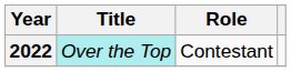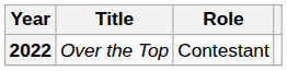 <table class="wikitable plainrowheaders">
 <tr>
 <th scope="col">Year</th>
 <th scope="col">Title</th>
 <th scope="col">Role</th>
 <th scope="col" class="unsortable"></th>
 </tr>
 <tr>
 <th scope="row">2022</th>
-<td style="background: paleturquoise;"><em>Over the Top</em></td>
+<td><em>Over the Top</em></td>
 <td>Contestant</td>
 <td></td>
 </tr>
 <tr>
 </tr>
 </table>
